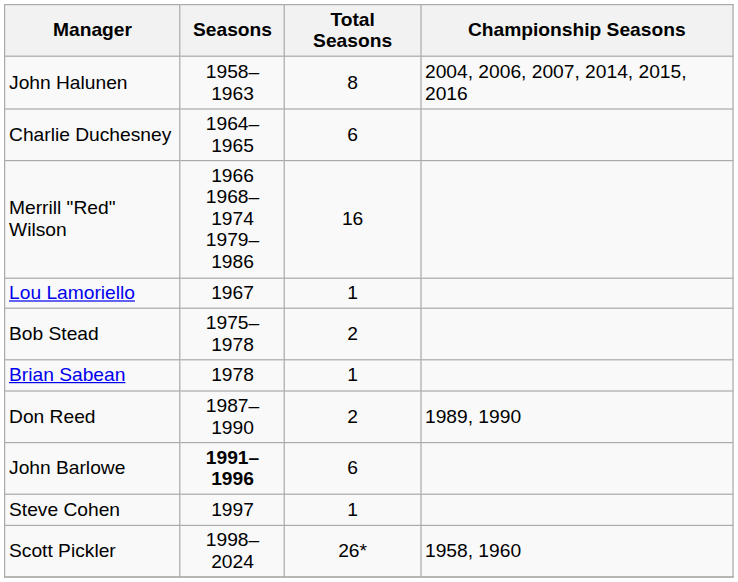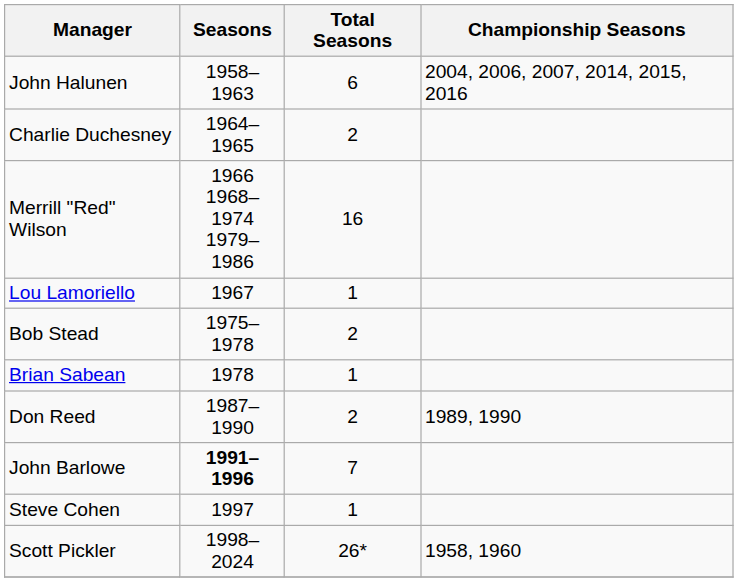 <table class="wikitable" style="text-align:center">
 <tr>
 <th>Manager</th>
 <th>Seasons</th>
 <th>Total Seasons</th>
 <th>Championship Seasons</th>
 </tr>
 <tr>
 <td style="text-align:left">John Halunen</td>
 <td>1958–1963</td>
-<td>8</td>
+<td>6</td>
 <td style="text-align:left">2004, 2006, 2007, 2014, 2015, 2016</td>
 </tr>
 <tr>
 <td style="text-align:left">Charlie Duchesney</td>
 <td>1964–1965</td>
-<td>6</td>
+<td>2</td>
 <td style="text-align:left"></td>
 </tr>
 <tr>
 <td style="text-align:left">Merrill "Red" Wilson</td>
 <td>1966<br>1968–1974<br>1979–1986</td>
 <td>16</td>
 <td style="text-align:left"></td>
 </tr>
 <tr>
 <td style="text-align:left"><a href='#'>Lou Lamoriello</a></td>
 <td>1967</td>
 <td>1</td>
 <td style="text-align:left"></td>
 </tr>
 <tr>
 <td style="text-align:left">Bob Stead</td>
 <td>1975–1978</td>
 <td>2</td>
 <td style="text-align:left"></td>
 </tr>
 <tr>
 <td style="text-align:left"><a href='#'>Brian Sabean</a></td>
 <td>1978</td>
 <td>1</td>
 <td style="text-align:left"></td>
 </tr>
 <tr>
 <td style="text-align:left">Don Reed</td>
 <td>1987–1990</td>
 <td>2</td>
 <td style="text-align:left">1989, 1990</td>
 </tr>
 <tr>
 <td style="text-align:left">John Barlowe</td>
 <td><strong>1991–1996</strong></td>
-<td>6</td>
+<td>7</td>
 <td style="text-align:left"></td>
 </tr>
 <tr>
 <td style="text-align:left">Steve Cohen</td>
 <td>1997</td>
 <td>1</td>
 <td style="text-align:left"></td>
 </tr>
 <tr>
 <td style="text-align:left">Scott Pickler</td>
 <td>1998–2024</td>
 <td>26*</td>
 <td style="text-align:left">1958, 1960</td>
 </tr>
 <tr>
 </tr>
 </table>
